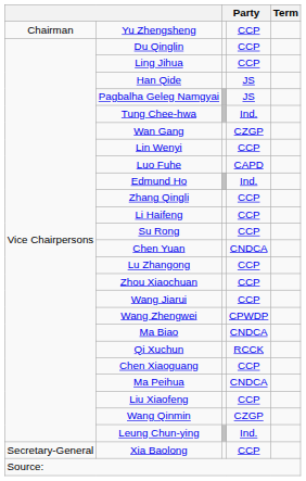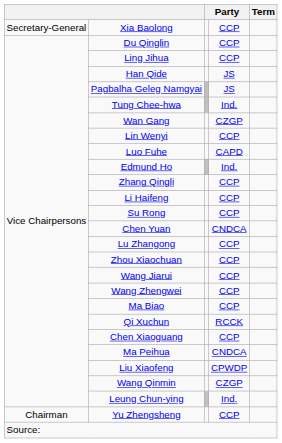 <table class="wikitable" style="text-align:center">
 <tr>
 <th colspan="2"></th>
 <th colspan="2">Party</th>
 <th>Term</th>
 </tr>
 <tr>
-<td>Chairman</td>
-<td><a href='#'>Yu Zhengsheng</a></td>
+<td>Secretary-General</td>
+<td><a href='#'>Xia Baolong</a></td>
 <td style="background:"></td>
 <td><a href='#'>CCP</a></td>
 <td></td>
 </tr>
 <tr>
 <td rowspan="24">Vice Chairpersons</td>
 <td><a href='#'>Du Qinglin</a></td>
 <td style="background:"></td>
 <td><a href='#'>CCP</a></td>
 <td></td>
 </tr>
 <tr>
 <td><a href='#'>Ling Jihua</a></td>
 <td style="background:"></td>
 <td><a href='#'>CCP</a></td>
 <td></td>
 </tr>
 <tr>
 <td><a href='#'>Han Qide</a></td>
 <td style="background:"></td>
 <td><a href='#'>JS</a></td>
 <td></td>
 </tr>
 <tr>
 <td><a href='#'>Pagbalha Geleg Namgyai</a></td>
 <td style="background: #C0C0C0"></td>
 <td><a href='#'>JS</a></td>
 <td></td>
 </tr>
 <tr>
 <td><a href='#'>Tung Chee-hwa</a></td>
 <td style="background: #C0C0C0"></td>
 <td><a href='#'>Ind.</a></td>
 <td></td>
 </tr>
 <tr>
 <td><a href='#'>Wan Gang</a></td>
 <td style="background:"></td>
 <td><a href='#'>CZGP</a></td>
 <td></td>
 </tr>
 <tr>
 <td><a href='#'>Lin Wenyi</a></td>
 <td style="background:"></td>
 <td><a href='#'>CCP</a></td>
 <td></td>
 </tr>
 <tr>
 <td><a href='#'>Luo Fuhe</a></td>
 <td style="background:"></td>
 <td><a href='#'>CAPD</a></td>
 <td></td>
 </tr>
 <tr>
 <td><a href='#'>Edmund Ho</a></td>
 <td style="background: #C0C0C0"></td>
 <td><a href='#'>Ind.</a></td>
 <td></td>
 </tr>
 <tr>
 <td><a href='#'>Zhang Qingli</a></td>
 <td style="background:"></td>
 <td><a href='#'>CCP</a></td>
 <td></td>
 </tr>
 <tr>
 <td><a href='#'>Li Haifeng</a></td>
 <td style="background:"></td>
 <td><a href='#'>CCP</a></td>
 <td></td>
 </tr>
 <tr>
 <td><a href='#'>Su Rong</a></td>
 <td style="background:"></td>
 <td><a href='#'>CCP</a></td>
 <td></td>
 </tr>
 <tr>
 <td><a href='#'>Chen Yuan</a></td>
 <td style="background:"></td>
 <td><a href='#'>CNDCA</a></td>
 <td></td>
 </tr>
 <tr>
 <td><a href='#'>Lu Zhangong</a></td>
 <td style="background:"></td>
 <td><a href='#'>CCP</a></td>
 <td></td>
 </tr>
 <tr>
 <td><a href='#'>Zhou Xiaochuan</a></td>
 <td style="background:"></td>
 <td><a href='#'>CCP</a></td>
 <td></td>
 </tr>
 <tr>
 <td><a href='#'>Wang Jiarui</a></td>
 <td style="background:"></td>
 <td><a href='#'>CCP</a></td>
 <td></td>
 </tr>
 <tr>
 <td><a href='#'>Wang Zhengwei</a></td>
 <td style="background:"></td>
-<td><a href='#'>CPWDP</a></td>
+<td><a href='#'>CCP</a></td>
 <td></td>
 </tr>
 <tr>
 <td><a href='#'>Ma Biao</a></td>
 <td style="background:"></td>
-<td><a href='#'>CNDCA</a></td>
+<td><a href='#'>CCP</a></td>
 <td></td>
 </tr>
 <tr>
 <td><a href='#'>Qi Xuchun</a></td>
 <td style="background:"></td>
 <td><a href='#'>RCCK</a></td>
 <td></td>
 </tr>
 <tr>
 <td><a href='#'>Chen Xiaoguang</a></td>
 <td style="background:"></td>
 <td><a href='#'>CCP</a></td>
 <td></td>
 </tr>
 <tr>
 <td><a href='#'>Ma Peihua</a></td>
 <td style="background:"></td>
 <td><a href='#'>CNDCA</a></td>
 <td></td>
 </tr>
 <tr>
 <td><a href='#'>Liu Xiaofeng</a></td>
 <td style="background:"></td>
-<td><a href='#'>CCP</a></td>
+<td><a href='#'>CPWDP</a></td>
 <td></td>
 </tr>
 <tr>
 <td><a href='#'>Wang Qinmin</a></td>
 <td style="background:"></td>
 <td><a href='#'>CZGP</a></td>
 <td></td>
 </tr>
 <tr>
 <td><a href='#'>Leung Chun-ying</a></td>
 <td style="background: #C0C0C0"></td>
 <td><a href='#'>Ind.</a></td>
 <td></td>
 </tr>
 <tr>
-<td>Secretary-General</td>
-<td><a href='#'>Xia Baolong</a></td>
+<td>Chairman</td>
+<td><a href='#'>Yu Zhengsheng</a></td>
 <td style="background:"></td>
 <td><a href='#'>CCP</a></td>
 <td></td>
 </tr>
 <tr>
 <td colspan="5" align="left">Source:</td>
 </tr>
 </table>
